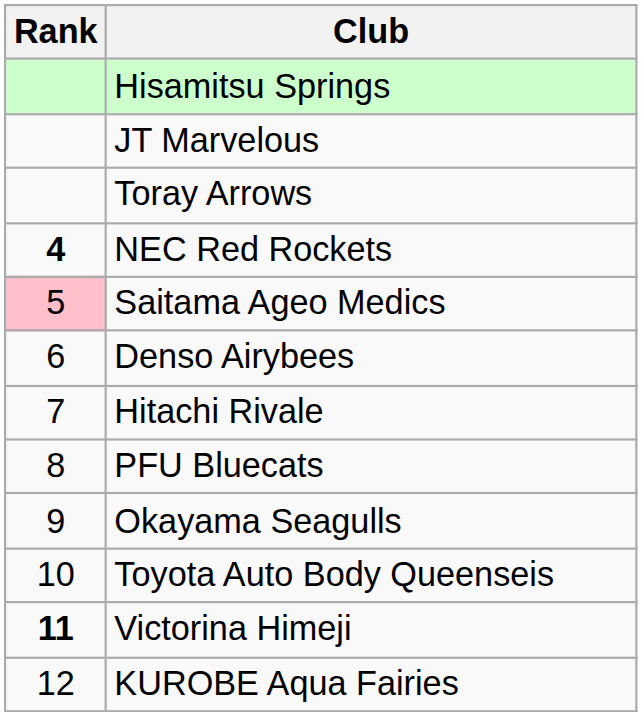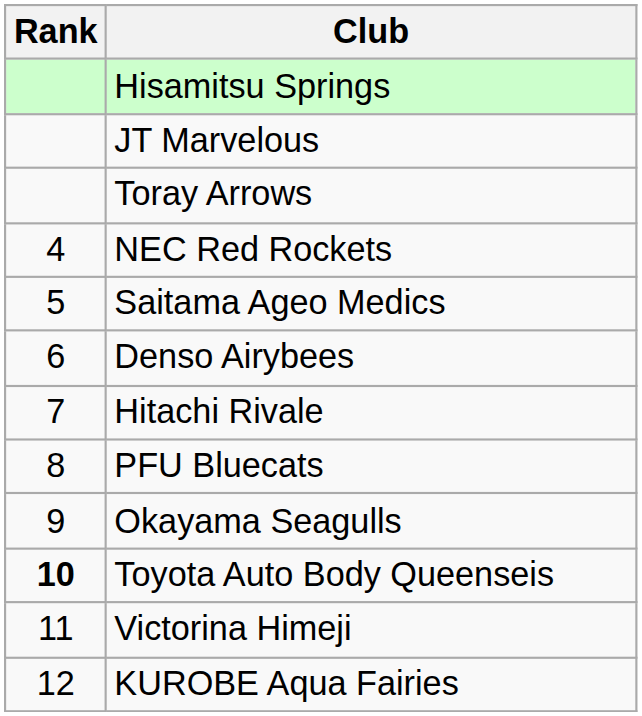 <table class="wikitable" style="text-align: center;">
 <tr>
 <th width=40>Rank</th>
 <th width=240>Club</th>
 </tr>
 <tr align=center bgcolor=#ccffcc>
 <td></td>
 <td style="text-align:left;">Hisamitsu Springs</td>
 </tr>
 <tr align=center>
 <td></td>
 <td style="text-align:left;">JT Marvelous</td>
 </tr>
 <tr align=center>
 <td></td>
 <td style="text-align:left;">Toray Arrows</td>
 </tr>
 <tr align=center>
-<td><strong>4</strong></td>
+<td>4</td>
 <td style="text-align:left;">NEC Red Rockets</td>
 </tr>
 <tr align=center>
-<td style="background: pink;">5</td>
+<td>5</td>
 <td style="text-align:left;">Saitama Ageo Medics</td>
 </tr>
 <tr align=center>
 <td>6</td>
 <td style="text-align:left;">Denso Airybees</td>
 </tr>
 <tr align=center>
 <td>7</td>
 <td style="text-align:left;">Hitachi Rivale</td>
 </tr>
 <tr align=center>
 <td>8</td>
 <td style="text-align:left;">PFU Bluecats</td>
 </tr>
 <tr align=center>
 <td>9</td>
 <td style="text-align:left;">Okayama Seagulls</td>
 </tr>
 <tr align=center>
-<td>10</td>
+<td><strong>10</strong></td>
 <td style="text-align:left;">Toyota Auto Body Queenseis</td>
 </tr>
 <tr align=center>
-<td><strong>11</strong></td>
+<td>11</td>
 <td style="text-align:left;">Victorina Himeji</td>
 </tr>
 <tr align=center>
 <td>12</td>
 <td style="text-align:left;">KUROBE Aqua Fairies</td>
 </tr>
 </table>
